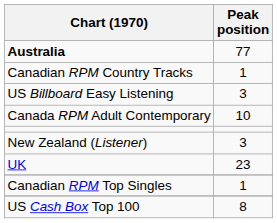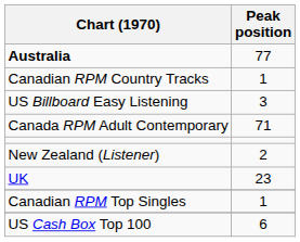 <table class="wikitable sortable">
 <tr>
 <th>Chart (1970)</th>
 <th>Peak<br>position</th>
 </tr>
 <tr>
 <td><strong>Australia</strong></td>
 <td style="text-align:center;">77</td>
 </tr>
 <tr>
 <td>Canadian <em>RPM</em> Country Tracks</td>
 <td style="text-align:center;">1</td>
 </tr>
 <tr>
 <td>US <em>Billboard</em> Easy Listening</td>
 <td style="text-align:center;">3</td>
 </tr>
 <tr>
 <td>Canada <em>RPM</em> Adult Contemporary</td>
-<td style="text-align:center;">10</td>
+<td style="text-align:center;">71</td>
 </tr>
 <tr>
 <td></td>
 </tr>
 <tr>
 <td>New Zealand (<em>Listener</em>)</td>
-<td style="text-align:center;">3</td>
+<td style="text-align:center;">2</td>
 </tr>
 <tr>
 <td><a href='#'>UK</a></td>
 <td style="text-align:center;">23</td>
 </tr>
 <tr>
 </tr>
 <tr>
 <td>Canadian <em><a href='#'>RPM</a></em> Top Singles</td>
 <td style="text-align:center;">1</td>
 </tr>
 <tr>
 </tr>
 <tr>
 <td>US <em><a href='#'>Cash Box</a></em> Top 100</td>
-<td style="text-align:center;">8</td>
+<td style="text-align:center;">6</td>
 </tr>
 </table>
